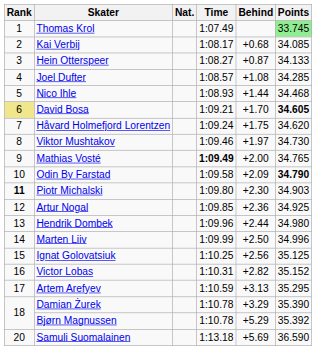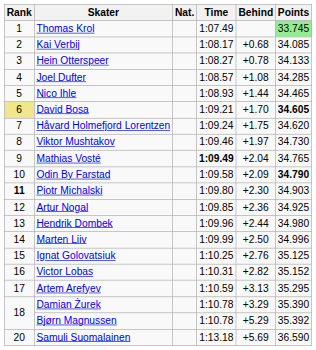 <table class="wikitable sortable" style="text-align:center">
 <tr>
 <th>Rank</th>
 <th>Skater</th>
 <th>Nat.</th>
 <th>Time</th>
 <th>Behind</th>
 <th>Points</th>
 </tr>
 <tr>
 <td>1</td>
 <td align=left><a href='#'>Thomas Krol</a></td>
 <td></td>
 <td>1:07.49</td>
 <td></td>
 <td style="background: lightgreen;">33.745</td>
 </tr>
 <tr>
 <td>2</td>
 <td align=left><a href='#'>Kai Verbij</a></td>
 <td></td>
 <td>1:08.17</td>
 <td>+0.68</td>
 <td>34.085</td>
 </tr>
 <tr>
 <td>3</td>
 <td align=left><a href='#'>Hein Otterspeer</a></td>
 <td></td>
 <td>1:08.27</td>
-<td>+0.87</td>
+<td>+0.78</td>
 <td>34.133</td>
 </tr>
 <tr>
 <td>4</td>
 <td align=left><a href='#'>Joel Dufter</a></td>
 <td></td>
 <td>1:08.57</td>
 <td>+1.08</td>
 <td>34.285</td>
 </tr>
 <tr>
 <td>5</td>
 <td align=left><a href='#'>Nico Ihle</a></td>
 <td></td>
 <td>1:08.93</td>
 <td>+1.44</td>
-<td>34.468</td>
+<td>34.465</td>
 </tr>
 <tr>
 <td style="background: khaki;">6</td>
 <td align=left><a href='#'>David Bosa</a></td>
 <td></td>
 <td>1:09.21</td>
 <td>+1.70</td>
 <td><strong>34.605</strong></td>
 </tr>
 <tr>
 <td>7</td>
 <td align=left><a href='#'>Håvard Holmefjord Lorentzen</a></td>
 <td></td>
 <td>1:09.24</td>
 <td>+1.75</td>
 <td>34.620</td>
 </tr>
 <tr>
 <td>8</td>
 <td align=left><a href='#'>Viktor Mushtakov</a></td>
 <td></td>
 <td>1:09.46</td>
 <td>+1.97</td>
 <td>34.730</td>
 </tr>
 <tr>
 <td>9</td>
 <td align=left><a href='#'>Mathias Vosté</a></td>
 <td></td>
 <td><strong>1:09.49</strong></td>
-<td>+2.00</td>
+<td>+2.04</td>
 <td>34.765</td>
 </tr>
 <tr>
 <td>10</td>
 <td align=left><a href='#'>Odin By Farstad</a></td>
 <td></td>
 <td>1:09.58</td>
 <td>+2.09</td>
 <td><strong>34.790</strong></td>
 </tr>
 <tr>
 <td><strong>11</strong></td>
 <td align=left><a href='#'>Piotr Michalski</a></td>
 <td></td>
 <td>1:09.80</td>
 <td>+2.30</td>
 <td>34.903</td>
 </tr>
 <tr>
 <td>12</td>
 <td align=left><a href='#'>Artur Nogal</a></td>
 <td></td>
 <td>1:09.85</td>
 <td>+2.36</td>
 <td>34.925</td>
 </tr>
 <tr>
 <td>13</td>
 <td align=left><a href='#'>Hendrik Dombek</a></td>
 <td></td>
 <td>1:09.96</td>
 <td>+2.44</td>
 <td>34.980</td>
 </tr>
 <tr>
 <td>14</td>
 <td align=left><a href='#'>Marten Liiv</a></td>
 <td></td>
 <td>1:09.99</td>
 <td>+2.50</td>
 <td>34.996</td>
 </tr>
 <tr>
 <td>15</td>
 <td align=left><a href='#'>Ignat Golovatsiuk</a></td>
 <td></td>
 <td>1:10.25</td>
-<td>+2.56</td>
+<td>+2.76</td>
 <td>35.125</td>
 </tr>
 <tr>
 <td>16</td>
 <td align="left"><a href='#'>Victor Lobas</a></td>
 <td></td>
 <td>1:10.31</td>
 <td>+2.82</td>
 <td>35.152</td>
 </tr>
 <tr>
 <td>17</td>
 <td align=left><a href='#'>Artem Arefyev</a></td>
 <td></td>
 <td>1:10.59</td>
 <td>+3.13</td>
 <td>35.295</td>
 </tr>
 <tr>
 <td rowspan=2>18</td>
 <td align=left><a href='#'>Damian Żurek</a></td>
 <td></td>
 <td>1:10.78</td>
 <td>+3.29</td>
 <td>35.390</td>
 </tr>
 <tr>
 <td align=left><a href='#'>Bjørn Magnussen</a></td>
 <td></td>
 <td>1:10.78</td>
 <td>+5.29</td>
 <td>35.392</td>
 </tr>
 <tr>
 <td>20</td>
 <td align=left><a href='#'>Samuli Suomalainen</a></td>
 <td></td>
 <td>1:13.18</td>
 <td>+5.69</td>
 <td>36.590</td>
 </tr>
 </table>
